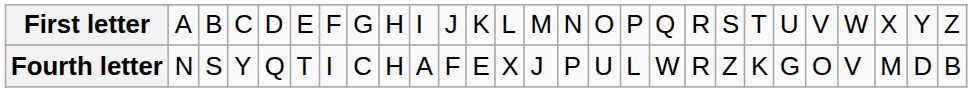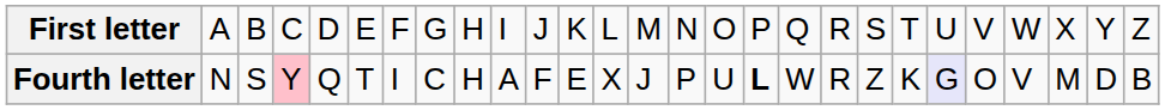 <table class="wikitable" | border=1 style="margin: 1em auto 1em auto">
 <tr>
 <th>First letter</th>
 <td>A</td>
 <td>B</td>
 <td>C</td>
 <td>D</td>
 <td>E</td>
 <td>F</td>
 <td>G</td>
 <td>H</td>
 <td>I</td>
 <td>J</td>
 <td>K</td>
 <td>L</td>
 <td>M</td>
 <td>N</td>
 <td>O</td>
 <td>P</td>
 <td>Q</td>
 <td>R</td>
 <td>S</td>
 <td>T</td>
 <td>U</td>
 <td>V</td>
 <td>W</td>
 <td>X</td>
 <td>Y</td>
 <td>Z</td>
 </tr>
 <tr>
 <th>Fourth letter</th>
 <td>N</td>
 <td>S</td>
-<td>Y</td>
+<td style="background: pink;">Y</td>
 <td>Q</td>
 <td>T</td>
 <td>I</td>
 <td>C</td>
 <td>H</td>
 <td>A</td>
 <td>F</td>
 <td>E</td>
 <td>X</td>
 <td>J</td>
 <td>P</td>
 <td>U</td>
-<td>L</td>
+<td><strong>L</strong></td>
 <td>W</td>
 <td>R</td>
 <td>Z</td>
 <td>K</td>
-<td>G</td>
+<td style="background: lavender;">G</td>
 <td>O</td>
 <td>V</td>
 <td>M</td>
 <td>D</td>
 <td>B</td>
 </tr>
 </table>
